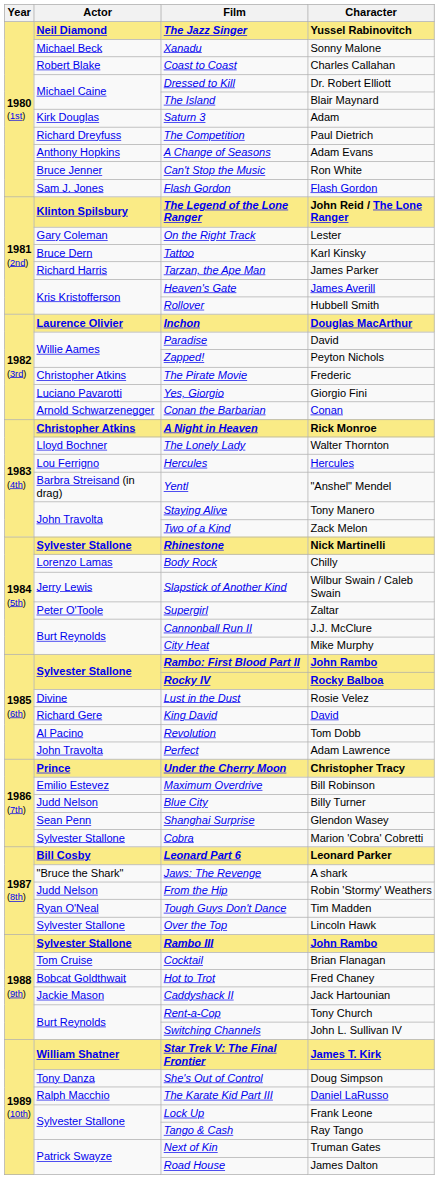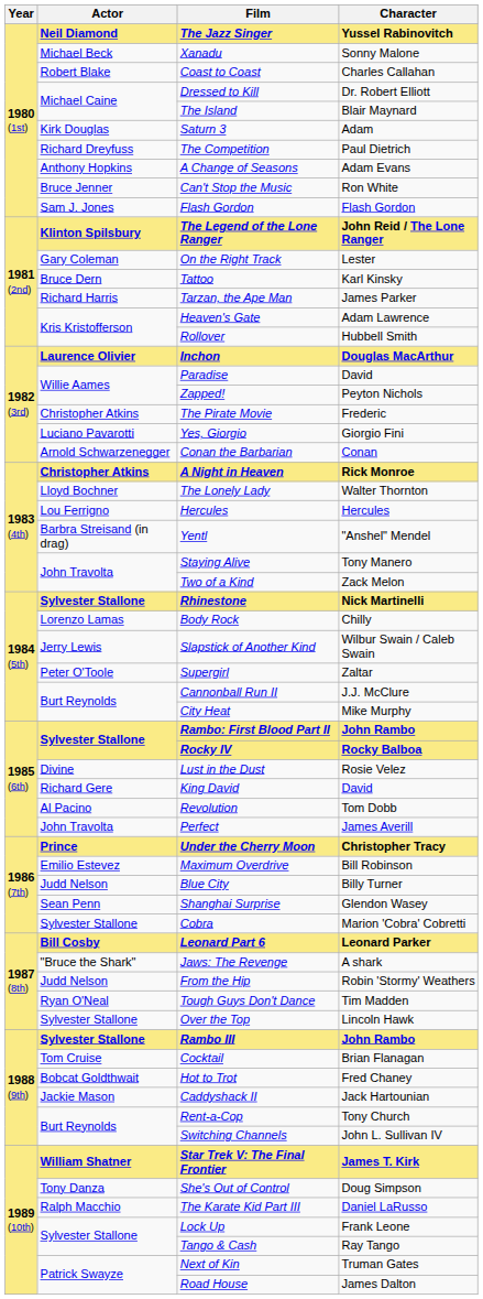 <table class="wikitable sortable" style="width:100%">
 <tr bgcolor="#bebebe">
 <th width="5%">Year</th>
 <th width="30%">Actor</th>
 <th width="35%">Film</th>
 <th width="30%">Character</th>
 </tr>
 <tr style="background:#FAEB86;">
 <td rowspan="10"><strong>1980</strong><br><small>(<a href='#'>1st</a>)</small></td>
 <td><strong><a href='#'>Neil Diamond</a></strong></td>
 <td><strong><em><a href='#'>The Jazz Singer</a></em></strong></td>
 <td><strong>Yussel Rabinovitch</strong></td>
 </tr>
 <tr>
 <td><a href='#'>Michael Beck</a></td>
 <td><em><a href='#'>Xanadu</a></em></td>
 <td>Sonny Malone</td>
 </tr>
 <tr>
 <td><a href='#'>Robert Blake</a></td>
 <td><em><a href='#'>Coast to Coast</a></em></td>
 <td>Charles Callahan</td>
 </tr>
 <tr>
 <td rowspan="2"><a href='#'>Michael Caine</a></td>
 <td><em><a href='#'>Dressed to Kill</a></em></td>
 <td>Dr. Robert Elliott</td>
 </tr>
 <tr>
 <td><em><a href='#'>The Island</a></em></td>
 <td>Blair Maynard</td>
 </tr>
 <tr>
 <td><a href='#'>Kirk Douglas</a></td>
 <td><em><a href='#'>Saturn 3</a></em></td>
 <td>Adam</td>
 </tr>
 <tr>
 <td><a href='#'>Richard Dreyfuss</a></td>
 <td><em><a href='#'>The Competition</a></em></td>
 <td>Paul Dietrich</td>
 </tr>
 <tr>
 <td><a href='#'>Anthony Hopkins</a></td>
 <td><em><a href='#'>A Change of Seasons</a></em></td>
 <td>Adam Evans</td>
 </tr>
 <tr>
 <td><a href='#'>Bruce Jenner</a></td>
 <td><em><a href='#'>Can't Stop the Music</a></em></td>
 <td>Ron White</td>
 </tr>
 <tr>
 <td><a href='#'>Sam J. Jones</a></td>
 <td><em><a href='#'>Flash Gordon</a></em></td>
 <td><a href='#'>Flash Gordon</a></td>
 </tr>
 <tr style="background:#FAEB86;">
 <td rowspan="6"><strong>1981</strong><br><small>(<a href='#'>2nd</a>)</small></td>
 <td><strong><a href='#'>Klinton Spilsbury</a></strong></td>
 <td><strong><em><a href='#'>The Legend of the Lone Ranger</a></em></strong></td>
 <td><strong>John Reid / <a href='#'>The Lone Ranger</a></strong></td>
 </tr>
 <tr>
 <td><a href='#'>Gary Coleman</a></td>
 <td><em><a href='#'>On the Right Track</a></em></td>
 <td>Lester</td>
 </tr>
 <tr>
 <td><a href='#'>Bruce Dern</a></td>
 <td><em><a href='#'>Tattoo</a></em></td>
 <td>Karl Kinsky</td>
 </tr>
 <tr>
 <td><a href='#'>Richard Harris</a></td>
 <td><em><a href='#'>Tarzan, the Ape Man</a></em></td>
 <td>James Parker</td>
 </tr>
 <tr>
 <td rowspan="2"><a href='#'>Kris Kristofferson</a></td>
 <td><em><a href='#'>Heaven's Gate</a></em></td>
-<td><a href='#'>James Averill</a></td>
+<td>Adam Lawrence</td>
 </tr>
 <tr>
 <td><em><a href='#'>Rollover</a></em></td>
 <td>Hubbell Smith</td>
 </tr>
 <tr style="background:#FAEB86;">
 <td rowspan="6"><strong>1982</strong><br><small>(<a href='#'>3rd</a>)</small></td>
 <td><strong><a href='#'>Laurence Olivier</a></strong></td>
 <td><strong><em><a href='#'>Inchon</a></em></strong></td>
 <td><strong><a href='#'>Douglas MacArthur</a></strong></td>
 </tr>
 <tr>
 <td rowspan="2"><a href='#'>Willie Aames</a></td>
 <td><em><a href='#'>Paradise</a></em></td>
 <td>David</td>
 </tr>
 <tr>
 <td><em><a href='#'>Zapped!</a></em></td>
 <td>Peyton Nichols</td>
 </tr>
 <tr>
 <td><a href='#'>Christopher Atkins</a></td>
 <td><em><a href='#'>The Pirate Movie</a></em></td>
 <td>Frederic</td>
 </tr>
 <tr>
 <td><a href='#'>Luciano Pavarotti</a></td>
 <td><em><a href='#'>Yes, Giorgio</a></em></td>
 <td>Giorgio Fini</td>
 </tr>
 <tr>
 <td><a href='#'>Arnold Schwarzenegger</a></td>
 <td><em><a href='#'>Conan the Barbarian</a></em></td>
 <td><a href='#'>Conan</a></td>
 </tr>
 <tr style="background:#FAEB86;">
 <td rowspan="6"><strong>1983</strong><br><small>(<a href='#'>4th</a>)</small></td>
 <td><strong><a href='#'>Christopher Atkins</a></strong></td>
 <td><strong><em><a href='#'>A Night in Heaven</a></em></strong></td>
 <td><strong>Rick Monroe</strong></td>
 </tr>
 <tr>
 <td><a href='#'>Lloyd Bochner</a></td>
 <td><em><a href='#'>The Lonely Lady</a></em></td>
 <td>Walter Thornton</td>
 </tr>
 <tr>
 <td><a href='#'>Lou Ferrigno</a></td>
 <td><em><a href='#'>Hercules</a></em></td>
 <td><a href='#'>Hercules</a></td>
 </tr>
 <tr>
 <td><a href='#'>Barbra Streisand</a> (in drag)</td>
 <td><em><a href='#'>Yentl</a></em></td>
 <td>"Anshel" Mendel</td>
 </tr>
 <tr>
 <td rowspan="2"><a href='#'>John Travolta</a></td>
 <td><em><a href='#'>Staying Alive</a></em></td>
 <td>Tony Manero</td>
 </tr>
 <tr>
 <td><em><a href='#'>Two of a Kind</a></em></td>
 <td>Zack Melon</td>
 </tr>
 <tr style="background:#FAEB86;">
 <td rowspan="6"><strong>1984</strong><br><small>(<a href='#'>5th</a>)</small></td>
 <td><strong><a href='#'>Sylvester Stallone</a></strong></td>
 <td><strong><em><a href='#'>Rhinestone</a></em></strong></td>
 <td><strong>Nick Martinelli</strong></td>
 </tr>
 <tr>
 <td><a href='#'>Lorenzo Lamas</a></td>
 <td><em><a href='#'>Body Rock</a></em></td>
 <td>Chilly</td>
 </tr>
 <tr>
 <td><a href='#'>Jerry Lewis</a></td>
 <td><em><a href='#'>Slapstick of Another Kind</a></em></td>
 <td>Wilbur Swain / Caleb Swain</td>
 </tr>
 <tr>
 <td><a href='#'>Peter O'Toole</a></td>
 <td><em><a href='#'>Supergirl</a></em></td>
 <td>Zaltar</td>
 </tr>
 <tr>
 <td rowspan="2"><a href='#'>Burt Reynolds</a></td>
 <td><em><a href='#'>Cannonball Run II</a></em></td>
 <td>J.J. McClure</td>
 </tr>
 <tr>
 <td><em><a href='#'>City Heat</a></em></td>
 <td>Mike Murphy</td>
 </tr>
 <tr style="background:#FAEB86;">
 <td rowspan="6"><strong>1985</strong><br><small>(<a href='#'>6th</a>)</small></td>
 <td rowspan="2"><strong><a href='#'>Sylvester Stallone</a></strong></td>
 <td><strong><em><a href='#'>Rambo: First Blood Part II</a></em></strong></td>
 <td><strong><a href='#'>John Rambo</a></strong></td>
 </tr>
 <tr style="background:#FAEB86;">
 <td><strong><em><a href='#'>Rocky IV</a></em></strong></td>
 <td><strong><a href='#'>Rocky Balboa</a></strong></td>
 </tr>
 <tr>
 <td><a href='#'>Divine</a></td>
 <td><em><a href='#'>Lust in the Dust</a></em></td>
 <td>Rosie Velez</td>
 </tr>
 <tr>
 <td><a href='#'>Richard Gere</a></td>
 <td><em><a href='#'>King David</a></em></td>
 <td><a href='#'>David</a></td>
 </tr>
 <tr>
 <td><a href='#'>Al Pacino</a></td>
 <td><em><a href='#'>Revolution</a></em></td>
 <td>Tom Dobb</td>
 </tr>
 <tr>
 <td><a href='#'>John Travolta</a></td>
 <td><em><a href='#'>Perfect</a></em></td>
-<td>Adam Lawrence</td>
+<td><a href='#'>James Averill</a></td>
 </tr>
 <tr style="background:#FAEB86;">
 <td rowspan="5"><strong>1986</strong><br><small>(<a href='#'>7th</a>)</small></td>
 <td><strong><a href='#'>Prince</a></strong></td>
 <td><strong><em><a href='#'>Under the Cherry Moon</a></em></strong></td>
 <td><strong>Christopher Tracy</strong></td>
 </tr>
 <tr>
 <td><a href='#'>Emilio Estevez</a></td>
 <td><em><a href='#'>Maximum Overdrive</a></em></td>
 <td>Bill Robinson</td>
 </tr>
 <tr>
 <td><a href='#'>Judd Nelson</a></td>
 <td><em><a href='#'>Blue City</a></em></td>
 <td>Billy Turner</td>
 </tr>
 <tr>
 <td><a href='#'>Sean Penn</a></td>
 <td><em><a href='#'>Shanghai Surprise</a></em></td>
 <td>Glendon Wasey</td>
 </tr>
 <tr>
 <td><a href='#'>Sylvester Stallone</a></td>
 <td><em><a href='#'>Cobra</a></em></td>
 <td>Marion 'Cobra' Cobretti</td>
 </tr>
 <tr style="background:#FAEB86;">
 <td rowspan="5"><strong>1987</strong><br><small>(<a href='#'>8th</a>)</small></td>
 <td><strong><a href='#'>Bill Cosby</a></strong></td>
 <td><strong><em><a href='#'>Leonard Part 6</a></em></strong></td>
 <td><strong>Leonard Parker</strong></td>
 </tr>
 <tr>
 <td>"Bruce the Shark"</td>
 <td><em><a href='#'>Jaws: The Revenge</a></em></td>
 <td>A shark</td>
 </tr>
 <tr>
 <td><a href='#'>Judd Nelson</a></td>
 <td><em><a href='#'>From the Hip</a></em></td>
 <td>Robin 'Stormy' Weathers</td>
 </tr>
 <tr>
 <td><a href='#'>Ryan O'Neal</a></td>
 <td><em><a href='#'>Tough Guys Don't Dance</a></em></td>
 <td>Tim Madden</td>
 </tr>
 <tr>
 <td><a href='#'>Sylvester Stallone</a></td>
 <td><em><a href='#'>Over the Top</a></em></td>
 <td>Lincoln Hawk</td>
 </tr>
 <tr style="background:#FAEB86;">
 <td rowspan="6"><strong>1988</strong><br><small>(<a href='#'>9th</a>)</small></td>
 <td><strong><a href='#'>Sylvester Stallone</a></strong></td>
 <td><strong><em><a href='#'>Rambo III</a></em></strong></td>
 <td><strong><a href='#'>John Rambo</a></strong></td>
 </tr>
 <tr>
 <td><a href='#'>Tom Cruise</a></td>
 <td><em><a href='#'>Cocktail</a></em></td>
 <td>Brian Flanagan</td>
 </tr>
 <tr>
 <td><a href='#'>Bobcat Goldthwait</a></td>
 <td><em><a href='#'>Hot to Trot</a></em></td>
 <td>Fred Chaney</td>
 </tr>
 <tr>
 <td><a href='#'>Jackie Mason</a></td>
 <td><em><a href='#'>Caddyshack II</a></em></td>
 <td>Jack Hartounian</td>
 </tr>
 <tr>
 <td rowspan="2"><a href='#'>Burt Reynolds</a></td>
 <td><em><a href='#'>Rent-a-Cop</a></em></td>
 <td>Tony Church</td>
 </tr>
 <tr>
 <td><em><a href='#'>Switching Channels</a></em></td>
 <td>John L. Sullivan IV</td>
 </tr>
 <tr style="background:#FAEB86;">
 <td rowspan="7"><strong>1989</strong><br><small>(<a href='#'>10th</a>)</small></td>
 <td><strong><a href='#'>William Shatner</a></strong></td>
 <td><strong><em><a href='#'>Star Trek V: The Final Frontier</a></em></strong></td>
 <td><strong><a href='#'>James T. Kirk</a></strong></td>
 </tr>
 <tr>
 <td><a href='#'>Tony Danza</a></td>
 <td><em><a href='#'>She's Out of Control</a></em></td>
 <td>Doug Simpson</td>
 </tr>
 <tr>
 <td><a href='#'>Ralph Macchio</a></td>
 <td><em><a href='#'>The Karate Kid Part III</a></em></td>
 <td><a href='#'>Daniel LaRusso</a></td>
 </tr>
 <tr>
 <td rowspan="2"><a href='#'>Sylvester Stallone</a></td>
 <td><em><a href='#'>Lock Up</a></em></td>
 <td>Frank Leone</td>
 </tr>
 <tr>
 <td><em><a href='#'>Tango & Cash</a></em></td>
 <td>Ray Tango</td>
 </tr>
 <tr>
 <td rowspan="2"><a href='#'>Patrick Swayze</a></td>
 <td><em><a href='#'>Next of Kin</a></em></td>
 <td>Truman Gates</td>
 </tr>
 <tr>
 <td><em><a href='#'>Road House</a></em></td>
 <td>James Dalton</td>
 </tr>
 </table>
